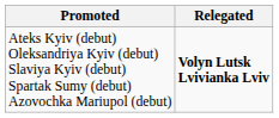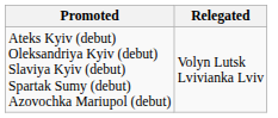 <table class="wikitable">
 <tr>
 <th>Promoted</th>
 <th>Relegated</th>
 </tr>
 <tr>
 <td>Ateks Kyiv (debut)<br>Oleksandriya Kyiv (debut)<br>Slaviya Kyiv (debut)<br>Spartak Sumy (debut)<br>Azovochka Mariupol (debut)</td>
-<td><strong>Volyn Lutsk <br>Lvivianka Lviv </strong></td>
+<td>Volyn Lutsk <br>Lvivianka Lviv </td>
 </tr>
 </table>
